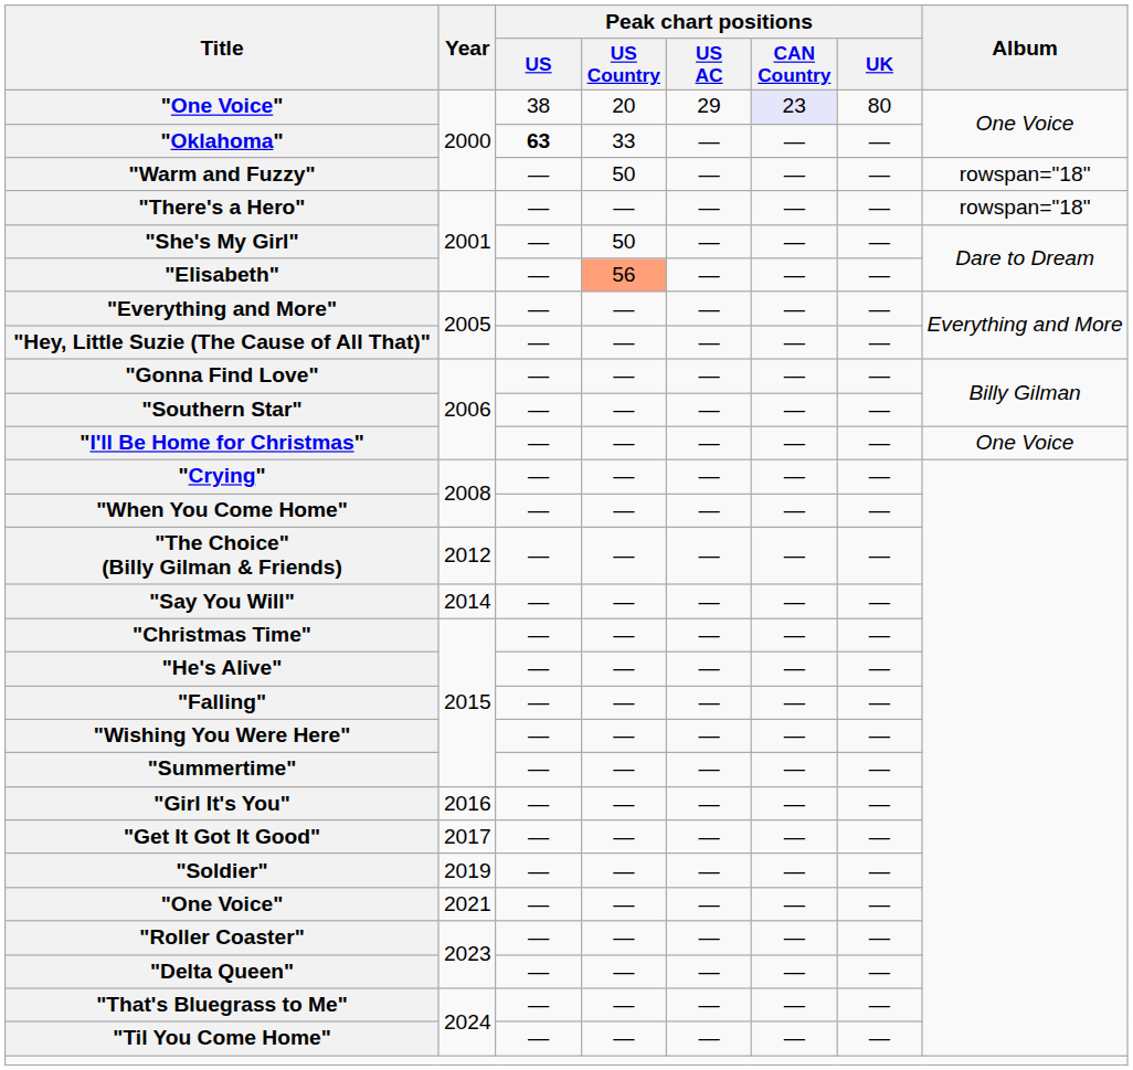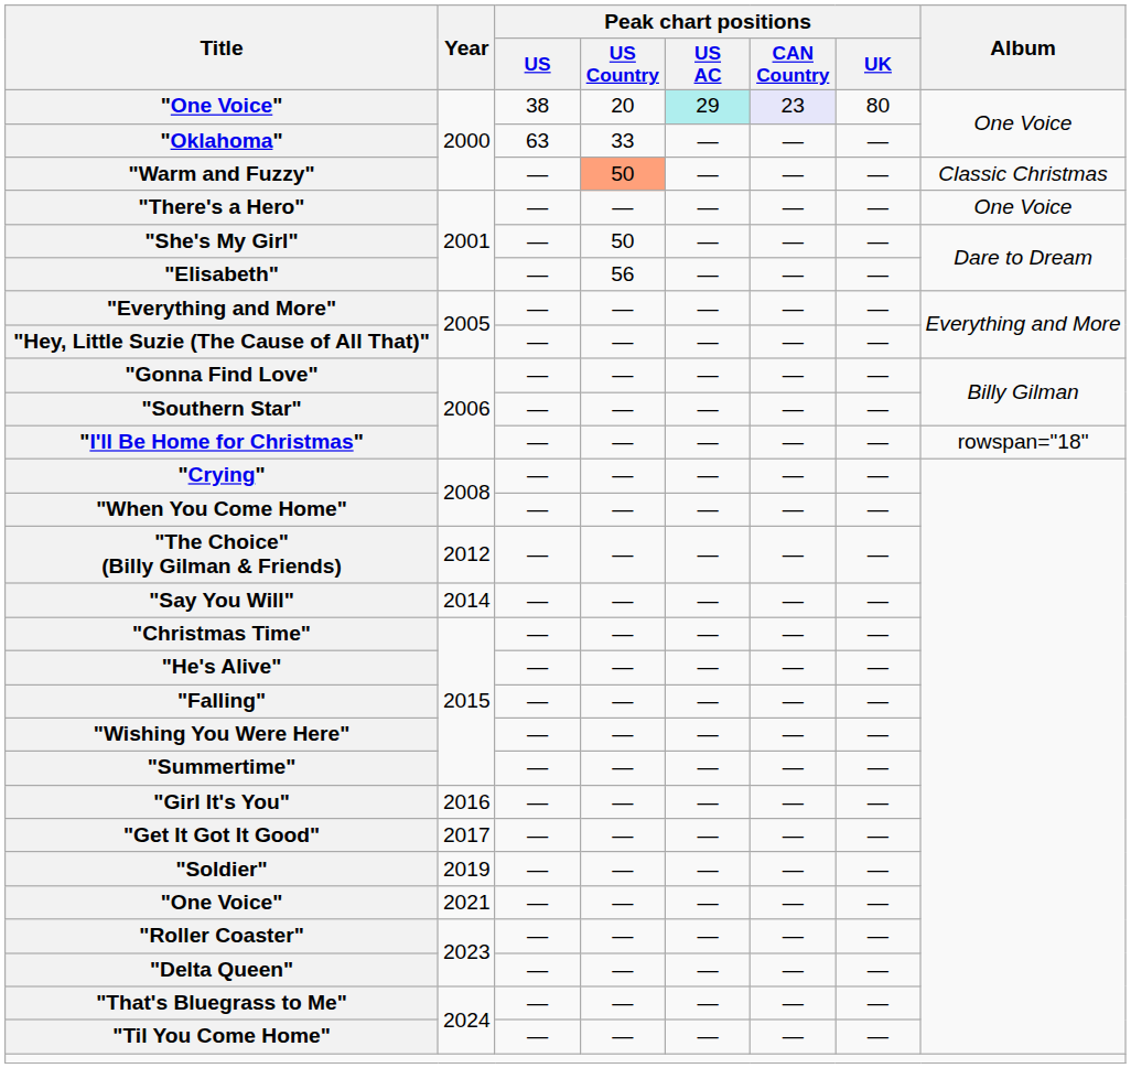 <table class="wikitable plainrowheaders" style="text-align:center;">
 <tr>
 <th rowspan="2" style="width:20em;">Title</th>
 <th rowspan="2" style="width:1em;">Year</th>
 <th colspan="5">Peak chart positions</th>
 <th rowspan="2">Album</th>
 </tr>
 <tr>
 <th scope="col" style="width:4em;font-size:90%;"><a href='#'>US</a><br></th>
 <th scope="col" style="width:4em;font-size:90%;"><a href='#'>US Country</a><br></th>
 <th scope="col" style="width:4em;font-size:90%;"><a href='#'>US<br>AC</a><br></th>
 <th scope="col" style="width:4em;font-size:90%;"><a href='#'>CAN Country</a><br></th>
 <th scope="col" style="width:4em;font-size:90%;"><a href='#'>UK</a><br></th>
 </tr>
 <tr>
 <th scope="row">"<a href='#'>One Voice</a>"</th>
 <td rowspan="3">2000</td>
 <td>38</td>
 <td>20</td>
-<td>29</td>
+<td style="background: paleturquoise;">29</td>
 <td style="background: lavender;">23</td>
 <td>80</td>
 <td rowspan="2"><em>One Voice</em></td>
 </tr>
 <tr>
 <th scope="row">"<a href='#'>Oklahoma</a>"</th>
-<td><strong>63</strong></td>
+<td>63</td>
 <td>33</td>
 <td>—</td>
 <td>—</td>
 <td>—</td>
 </tr>
 <tr>
 <th scope="row">"Warm and Fuzzy"</th>
 <td>—</td>
-<td>50</td>
+<td style="background: lightsalmon;">50</td>
 <td>—</td>
 <td>—</td>
 <td>—</td>
-<td>rowspan="18" </td>
+<td><em>Classic Christmas</em></td>
 </tr>
 <tr>
 <th scope="row">"There's a Hero"</th>
 <td rowspan="3">2001</td>
 <td>—</td>
 <td>—</td>
 <td>—</td>
 <td>—</td>
 <td>—</td>
-<td>rowspan="18" </td>
+<td><em>One Voice</em></td>
 </tr>
 <tr>
 <th scope="row">"She's My Girl"</th>
 <td>—</td>
 <td>50</td>
 <td>—</td>
 <td>—</td>
 <td>—</td>
 <td rowspan="2"><em>Dare to Dream</em></td>
 </tr>
 <tr>
 <th scope="row">"Elisabeth"</th>
 <td>—</td>
-<td style="background: lightsalmon;">56</td>
+<td>56</td>
 <td>—</td>
 <td>—</td>
 <td>—</td>
 </tr>
 <tr>
 <th scope="row">"Everything and More"</th>
 <td rowspan="2">2005</td>
 <td>—</td>
 <td>—</td>
 <td>—</td>
 <td>—</td>
 <td>—</td>
 <td rowspan="2"><em>Everything and More</em></td>
 </tr>
 <tr>
 <th scope="row">"Hey, Little Suzie (The Cause of All That)"</th>
 <td>—</td>
 <td>—</td>
 <td>—</td>
 <td>—</td>
 <td>—</td>
 </tr>
 <tr>
 <th scope="row">"Gonna Find Love"</th>
 <td rowspan="3">2006</td>
 <td>—</td>
 <td>—</td>
 <td>—</td>
 <td>—</td>
 <td>—</td>
 <td rowspan="2"><em>Billy Gilman</em></td>
 </tr>
 <tr>
 <th scope="row">"Southern Star"</th>
 <td>—</td>
 <td>—</td>
 <td>—</td>
 <td>—</td>
 <td>—</td>
 </tr>
 <tr>
 <th scope="row">"<a href='#'>I'll Be Home for Christmas</a>"</th>
 <td>—</td>
 <td>—</td>
 <td>—</td>
 <td>—</td>
 <td>—</td>
-<td><em>One Voice</em></td>
+<td>rowspan="18" </td>
 </tr>
 <tr>
 <th scope="row">"<a href='#'>Crying</a>"</th>
 <td rowspan="2">2008</td>
 <td>—</td>
 <td>—</td>
 <td>—</td>
 <td>—</td>
 <td>—</td>
 </tr>
 <tr>
 <th scope="row">"When You Come Home"</th>
 <td>—</td>
 <td>—</td>
 <td>—</td>
 <td>—</td>
 <td>—</td>
 </tr>
 <tr>
 <th scope="row">"The Choice"<br><span>(Billy Gilman & Friends)</span></th>
 <td>2012</td>
 <td>—</td>
 <td>—</td>
 <td>—</td>
 <td>—</td>
 <td>—</td>
 </tr>
 <tr>
 <th scope="row">"Say You Will"</th>
 <td>2014</td>
 <td>—</td>
 <td>—</td>
 <td>—</td>
 <td>—</td>
 <td>—</td>
 </tr>
 <tr>
 <th scope="row">"Christmas Time"</th>
 <td rowspan="5">2015</td>
 <td>—</td>
 <td>—</td>
 <td>—</td>
 <td>—</td>
 <td>—</td>
 </tr>
 <tr>
 <th scope="row">"He's Alive"</th>
 <td>—</td>
 <td>—</td>
 <td>—</td>
 <td>—</td>
 <td>—</td>
 </tr>
 <tr>
 <th scope="row">"Falling"</th>
 <td>—</td>
 <td>—</td>
 <td>—</td>
 <td>—</td>
 <td>—</td>
 </tr>
 <tr>
 <th scope="row">"Wishing You Were Here"</th>
 <td>—</td>
 <td>—</td>
 <td>—</td>
 <td>—</td>
 <td>—</td>
 </tr>
 <tr>
 <th scope="row">"Summertime"</th>
 <td>—</td>
 <td>—</td>
 <td>—</td>
 <td>—</td>
 <td>—</td>
 </tr>
 <tr>
 <th scope="row">"Girl It's You"</th>
 <td>2016</td>
 <td>—</td>
 <td>—</td>
 <td>—</td>
 <td>—</td>
 <td>—</td>
 </tr>
 <tr>
 <th scope="row">"Get It Got It Good"</th>
 <td>2017</td>
 <td>—</td>
 <td>—</td>
 <td>—</td>
 <td>—</td>
 <td>—</td>
 </tr>
 <tr>
 <th scope="row">"Soldier"</th>
 <td>2019</td>
 <td>—</td>
 <td>—</td>
 <td>—</td>
 <td>—</td>
 <td>—</td>
 </tr>
 <tr>
 <th scope="row">"One Voice"<br></th>
 <td>2021</td>
 <td>—</td>
 <td>—</td>
 <td>—</td>
 <td>—</td>
 <td>—</td>
 </tr>
 <tr>
 <th scope="row">"Roller Coaster"</th>
 <td rowspan="2">2023</td>
 <td>—</td>
 <td>—</td>
 <td>—</td>
 <td>—</td>
 <td>—</td>
 </tr>
 <tr>
 <th scope="row">"Delta Queen"</th>
 <td>—</td>
 <td>—</td>
 <td>—</td>
 <td>—</td>
 <td>—</td>
 </tr>
 <tr>
 <th scope="row">"That's Bluegrass to Me"<br></th>
 <td rowspan="2">2024</td>
 <td>—</td>
 <td>—</td>
 <td>—</td>
 <td>—</td>
 <td>—</td>
 </tr>
 <tr>
 <th scope="row">"Til You Come Home"</th>
 <td>—</td>
 <td>—</td>
 <td>—</td>
 <td>—</td>
 <td>—</td>
 </tr>
 <tr>
 <td colspan="8"></td>
 </tr>
 </table>
